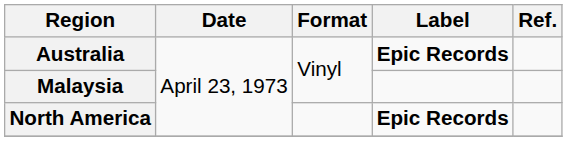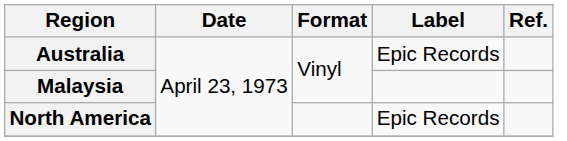 <table class="wikitable plainrowheaders">
 <tr>
 <th scope="col">Region</th>
 <th scope="col">Date</th>
 <th scope="col">Format</th>
 <th scope="col">Label</th>
 <th scope="col">Ref.</th>
 </tr>
 <tr>
 <th scope="row">Australia</th>
 <td rowspan="3">April 23, 1973</td>
 <td rowspan="2">Vinyl</td>
-<td><strong>Epic Records</strong></td>
+<td>Epic Records</td>
 <td></td>
 </tr>
 <tr>
 <th scope="row">Malaysia</th>
 <td></td>
 <td></td>
 </tr>
 <tr>
 <th scope="row">North America</th>
 <td></td>
-<td><strong>Epic Records</strong></td>
+<td>Epic Records</td>
 <td></td>
 </tr>
 <tr>
 </tr>
 </table>
